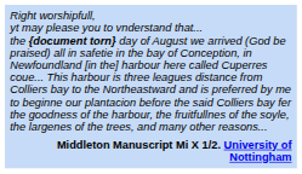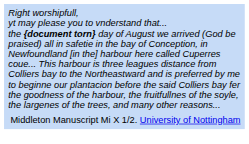 <table class="toccolours" style="float: right; margin-left: 1em; margin-right: 2em; font-size: 85%; background:#c6dbf7; width:30em; max-width: 40%;" cellspacing="5">
 <tr>
 <td style="text-align: left;"><em>Right worshipfull, <br>yt may please you to vnderstand that... <br>the <strong><em>{document torn}</em></strong> day of August we arrived (God be praised) all in safetie in the bay of Conception, in Newfoundland [in the] harbour here called Cuperres coue... This harbour is three leagues distance from Colliers bay to the Northeastward and is preferred by me to beginne our plantacion before the said Colliers bay fer the goodness of the harbour, the fruitfullnes of the soyle, the largenes of the trees, and many other reasons...</em> <br></td>
 </tr>
 <tr>
-<td style="text-align: right;"><strong>Middleton Manuscript Mi X 1/2. <a href='#'>University of Nottingham</a></strong></td>
+<td style="text-align: right;">Middleton Manuscript Mi X 1/2. <a href='#'>University of Nottingham</a></td>
 </tr>
 </table>
